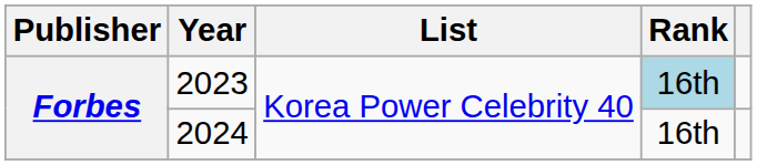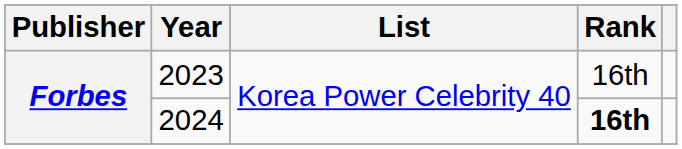 <table class="wikitable plainrowheaders sortable" style="text-align:center">
 <tr>
 <th scope="col">Publisher</th>
 <th scope="col">Year</th>
 <th scope="col">List</th>
 <th scope="col">Rank</th>
 <th scope="col" class="unsortable"></th>
 </tr>
 <tr>
 <th rowspan="2" scope="row"><em><a href='#'>Forbes</a></em></th>
 <td>2023</td>
 <td rowspan="2" style="text-align:left"><a href='#'>Korea Power Celebrity 40</a></td>
-<td style="background: lightblue;">16th</td>
+<td>16th</td>
 <td></td>
 </tr>
 <tr>
 <td>2024</td>
-<td>16th</td>
+<td><strong>16th</strong></td>
 <td></td>
 </tr>
 </table>
